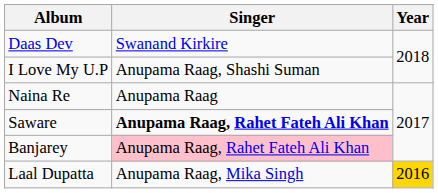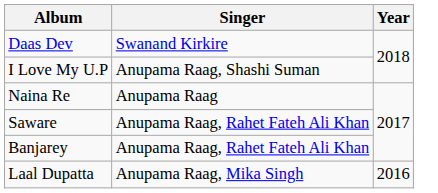 <table class="wikitable">
 <tr>
 <th>Album</th>
 <th>Singer</th>
 <th>Year</th>
 </tr>
 <tr>
 <td><a href='#'>Daas Dev</a></td>
 <td><a href='#'>Swanand Kirkire</a></td>
 <td rowspan="2">2018</td>
 </tr>
 <tr>
 <td>I Love My U.P</td>
 <td>Anupama Raag, Shashi Suman</td>
 </tr>
 <tr>
 <td>Naina Re</td>
 <td>Anupama Raag</td>
 <td rowspan="3">2017</td>
 </tr>
 <tr>
 <td>Saware</td>
-<td><strong>Anupama Raag, <a href='#'>Rahet Fateh Ali Khan</a></strong></td>
+<td>Anupama Raag, <a href='#'>Rahet Fateh Ali Khan</a></td>
 </tr>
 <tr>
 <td>Banjarey</td>
-<td style="background: pink;">Anupama Raag, <a href='#'>Rahet Fateh Ali Khan</a></td>
+<td>Anupama Raag, <a href='#'>Rahet Fateh Ali Khan</a></td>
 </tr>
 <tr>
 <td>Laal Dupatta</td>
 <td>Anupama Raag, <a href='#'>Mika Singh</a></td>
-<td style="background: gold;">2016</td>
+<td>2016</td>
 </tr>
 </table>
